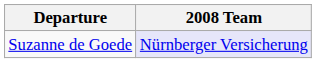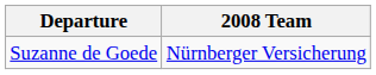 <table class="wikitable">
 <tr>
 <th>Departure</th>
 <th>2008 Team</th>
 </tr>
 <tr>
 <td><a href='#'>Suzanne de Goede</a></td>
-<td style="background: lavender;"><a href='#'>Nürnberger Versicherung</a></td>
+<td><a href='#'>Nürnberger Versicherung</a></td>
 </tr>
 </table>
